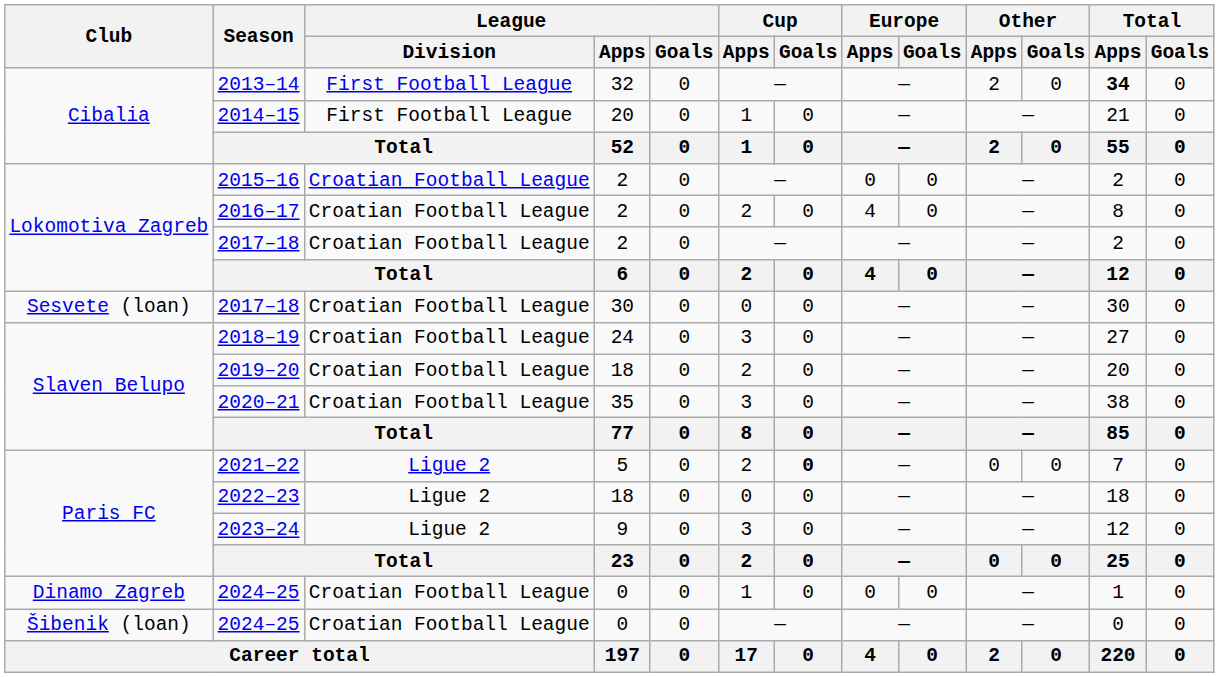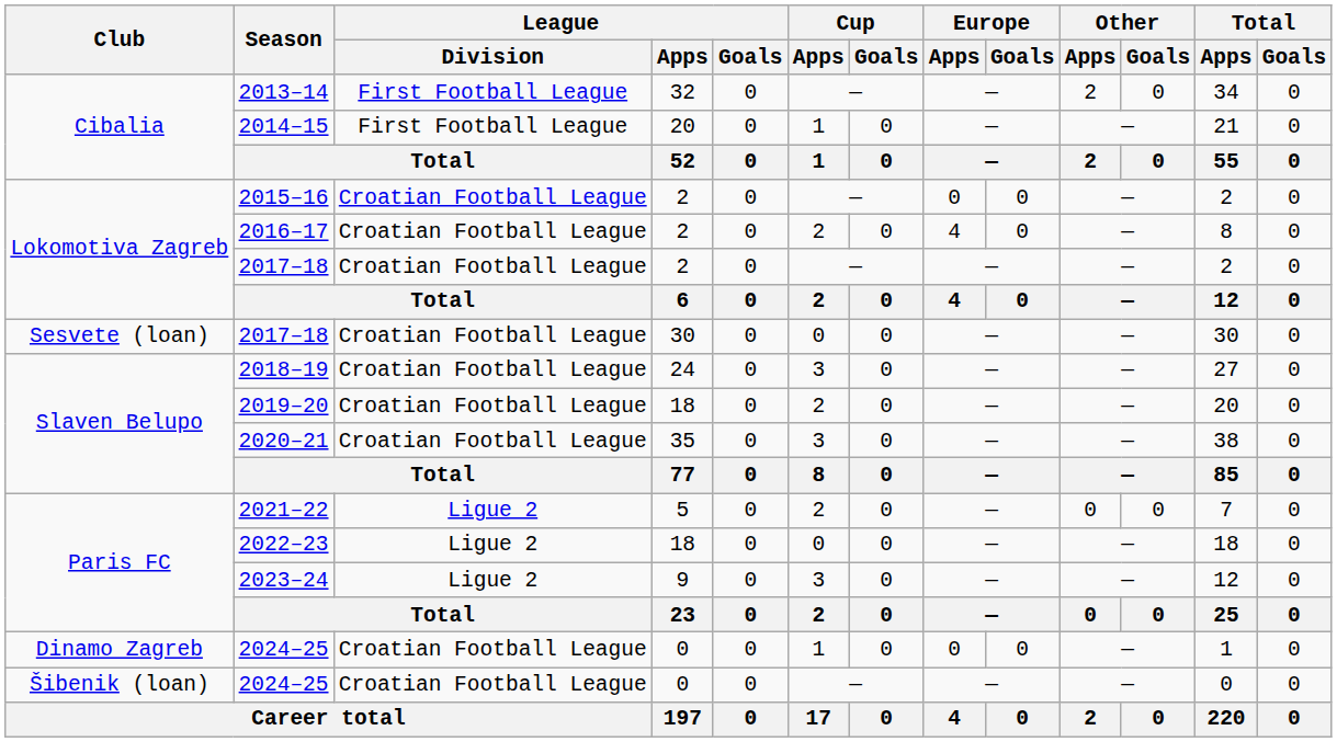 <table class="wikitable" style="text-align:center">
 <tr>
 <th rowspan="2">Club</th>
 <th rowspan="2">Season</th>
 <th colspan="3">League</th>
 <th colspan="2">Cup</th>
 <th colspan="2">Europe</th>
 <th colspan="2">Other</th>
 <th colspan="2">Total</th>
 </tr>
 <tr>
 <th>Division</th>
 <th>Apps</th>
 <th>Goals</th>
 <th>Apps</th>
 <th>Goals</th>
 <th>Apps</th>
 <th>Goals</th>
 <th>Apps</th>
 <th>Goals</th>
 <th>Apps</th>
 <th>Goals</th>
 </tr>
 <tr>
 <td rowspan="3"><a href='#'>Cibalia</a></td>
 <td><a href='#'>2013–14</a></td>
 <td><a href='#'>First Football League</a></td>
 <td>32</td>
 <td>0</td>
 <td colspan="2">—</td>
 <td colspan="2">—</td>
 <td>2</td>
 <td>0</td>
-<td><strong>34</strong></td>
+<td>34</td>
 <td>0</td>
 </tr>
 <tr>
 <td><a href='#'>2014–15</a></td>
 <td>First Football League</td>
 <td>20</td>
 <td>0</td>
 <td>1</td>
 <td>0</td>
 <td colspan="2">—</td>
 <td colspan="2">—</td>
 <td>21</td>
 <td>0</td>
 </tr>
 <tr>
 <th colspan="2">Total</th>
 <th>52</th>
 <th>0</th>
 <th>1</th>
 <th>0</th>
 <th colspan="2">—</th>
 <th>2</th>
 <th>0</th>
 <th>55</th>
 <th>0</th>
 </tr>
 <tr>
 <td rowspan="4"><a href='#'>Lokomotiva Zagreb</a></td>
 <td><a href='#'>2015–16</a></td>
 <td><a href='#'>Croatian Football League</a></td>
 <td>2</td>
 <td>0</td>
 <td colspan="2">—</td>
 <td>0</td>
 <td>0</td>
 <td colspan="2">—</td>
 <td>2</td>
 <td>0</td>
 </tr>
 <tr>
 <td><a href='#'>2016–17</a></td>
 <td>Croatian Football League</td>
 <td>2</td>
 <td>0</td>
 <td>2</td>
 <td>0</td>
 <td>4</td>
 <td>0</td>
 <td colspan="2">—</td>
 <td>8</td>
 <td>0</td>
 </tr>
 <tr>
 <td><a href='#'>2017–18</a></td>
 <td>Croatian Football League</td>
 <td>2</td>
 <td>0</td>
 <td colspan="2">—</td>
 <td colspan="2">—</td>
 <td colspan="2">—</td>
 <td>2</td>
 <td>0</td>
 </tr>
 <tr>
 <th colspan="2">Total</th>
 <th>6</th>
 <th>0</th>
 <th>2</th>
 <th>0</th>
 <th>4</th>
 <th>0</th>
 <th colspan="2">—</th>
 <th>12</th>
 <th>0</th>
 </tr>
 <tr>
 <td><a href='#'>Sesvete</a> (loan)</td>
 <td><a href='#'>2017–18</a></td>
 <td>Croatian Football League</td>
 <td>30</td>
 <td>0</td>
 <td>0</td>
 <td>0</td>
 <td colspan="2">—</td>
 <td colspan="2">—</td>
 <td>30</td>
 <td>0</td>
 </tr>
 <tr>
 <td rowspan="4"><a href='#'>Slaven Belupo</a></td>
 <td><a href='#'>2018–19</a></td>
 <td>Croatian Football League</td>
 <td>24</td>
 <td>0</td>
 <td>3</td>
 <td>0</td>
 <td colspan="2">—</td>
 <td colspan="2">—</td>
 <td>27</td>
 <td>0</td>
 </tr>
 <tr>
 <td><a href='#'>2019–20</a></td>
 <td>Croatian Football League</td>
 <td>18</td>
 <td>0</td>
 <td>2</td>
 <td>0</td>
 <td colspan="2">—</td>
 <td colspan="2">—</td>
 <td>20</td>
 <td>0</td>
 </tr>
 <tr>
 <td><a href='#'>2020–21</a></td>
 <td>Croatian Football League</td>
 <td>35</td>
 <td>0</td>
 <td>3</td>
 <td>0</td>
 <td colspan="2">—</td>
 <td colspan="2">—</td>
 <td>38</td>
 <td>0</td>
 </tr>
 <tr>
 <th colspan="2">Total</th>
 <th>77</th>
 <th>0</th>
 <th>8</th>
 <th>0</th>
 <th colspan="2">—</th>
 <th colspan="2">—</th>
 <th>85</th>
 <th>0</th>
 </tr>
 <tr>
 <td rowspan="4"><a href='#'>Paris FC</a></td>
 <td><a href='#'>2021–22</a></td>
 <td><a href='#'>Ligue 2</a></td>
 <td>5</td>
 <td>0</td>
 <td>2</td>
-<td><strong>0</strong></td>
+<td>0</td>
 <td colspan="2">—</td>
 <td>0</td>
 <td>0</td>
 <td>7</td>
 <td>0</td>
 </tr>
 <tr>
 <td><a href='#'>2022–23</a></td>
 <td>Ligue 2</td>
 <td>18</td>
 <td>0</td>
 <td>0</td>
 <td>0</td>
 <td colspan="2">—</td>
 <td colspan="2">—</td>
 <td>18</td>
 <td>0</td>
 </tr>
 <tr>
 <td><a href='#'>2023–24</a></td>
 <td>Ligue 2</td>
 <td>9</td>
 <td>0</td>
 <td>3</td>
 <td>0</td>
 <td colspan="2">—</td>
 <td colspan="2">—</td>
 <td>12</td>
 <td>0</td>
 </tr>
 <tr>
 <th colspan="2">Total</th>
 <th>23</th>
 <th>0</th>
 <th>2</th>
 <th>0</th>
 <th colspan="2">—</th>
 <th>0</th>
 <th>0</th>
 <th>25</th>
 <th>0</th>
 </tr>
 <tr>
 <td><a href='#'>Dinamo Zagreb</a></td>
 <td><a href='#'>2024–25</a></td>
 <td>Croatian Football League</td>
 <td>0</td>
 <td>0</td>
 <td>1</td>
 <td>0</td>
 <td>0</td>
 <td>0</td>
 <td colspan="2">—</td>
 <td>1</td>
 <td>0</td>
 </tr>
 <tr>
 <td><a href='#'>Šibenik</a> (loan)</td>
 <td><a href='#'>2024–25</a></td>
 <td>Croatian Football League</td>
 <td>0</td>
 <td>0</td>
 <td colspan="2">—</td>
 <td colspan="2">—</td>
 <td colspan="2">—</td>
 <td>0</td>
 <td>0</td>
 </tr>
 <tr>
 <th colspan="3">Career total</th>
 <th>197</th>
 <th>0</th>
 <th>17</th>
 <th>0</th>
 <th>4</th>
 <th>0</th>
 <th>2</th>
 <th>0</th>
 <th>220</th>
 <th>0</th>
 </tr>
 </table>
